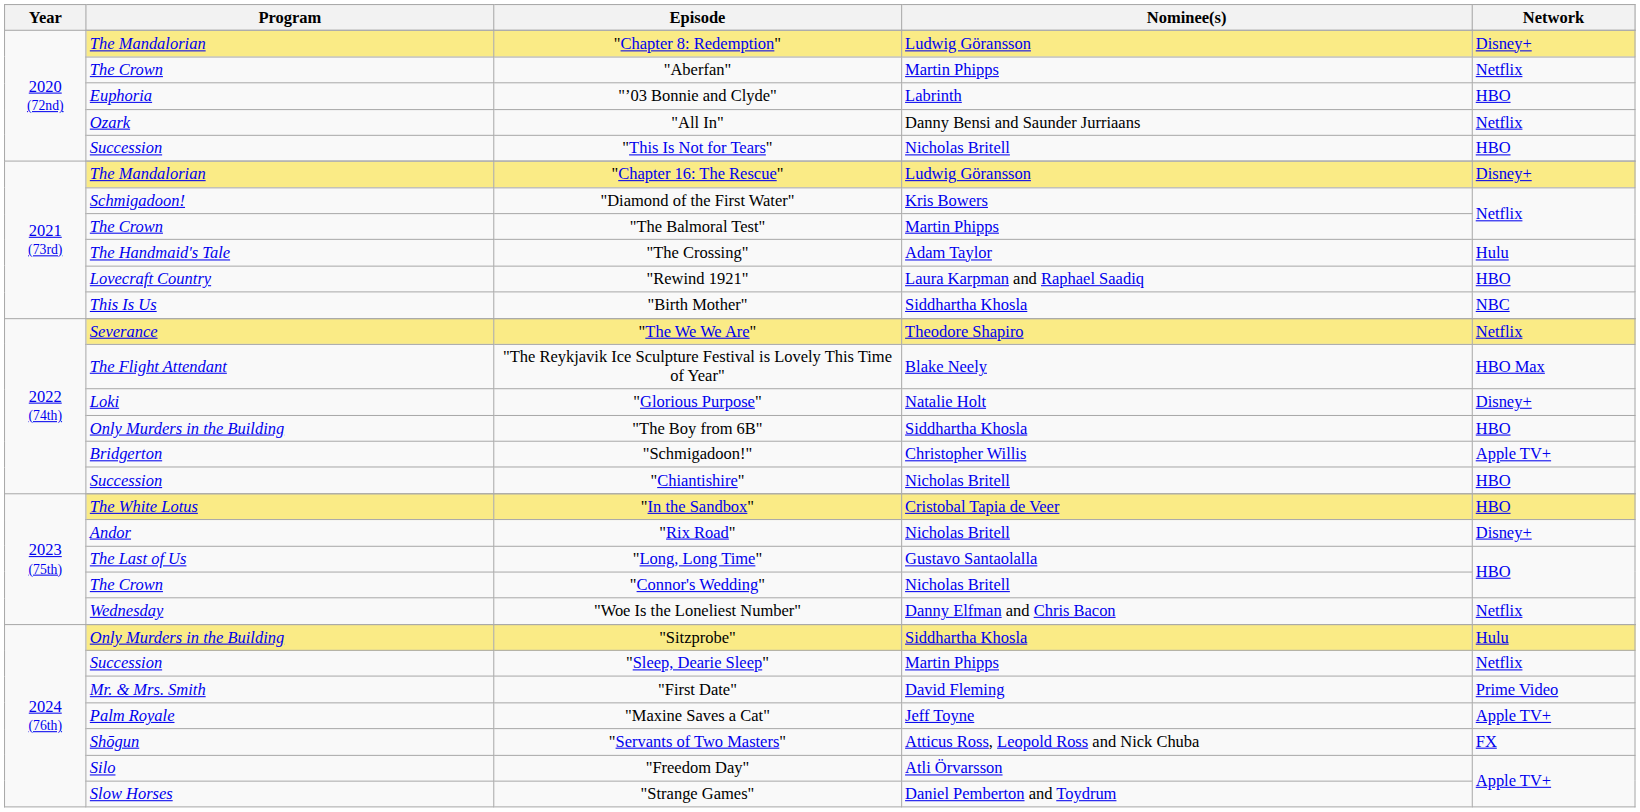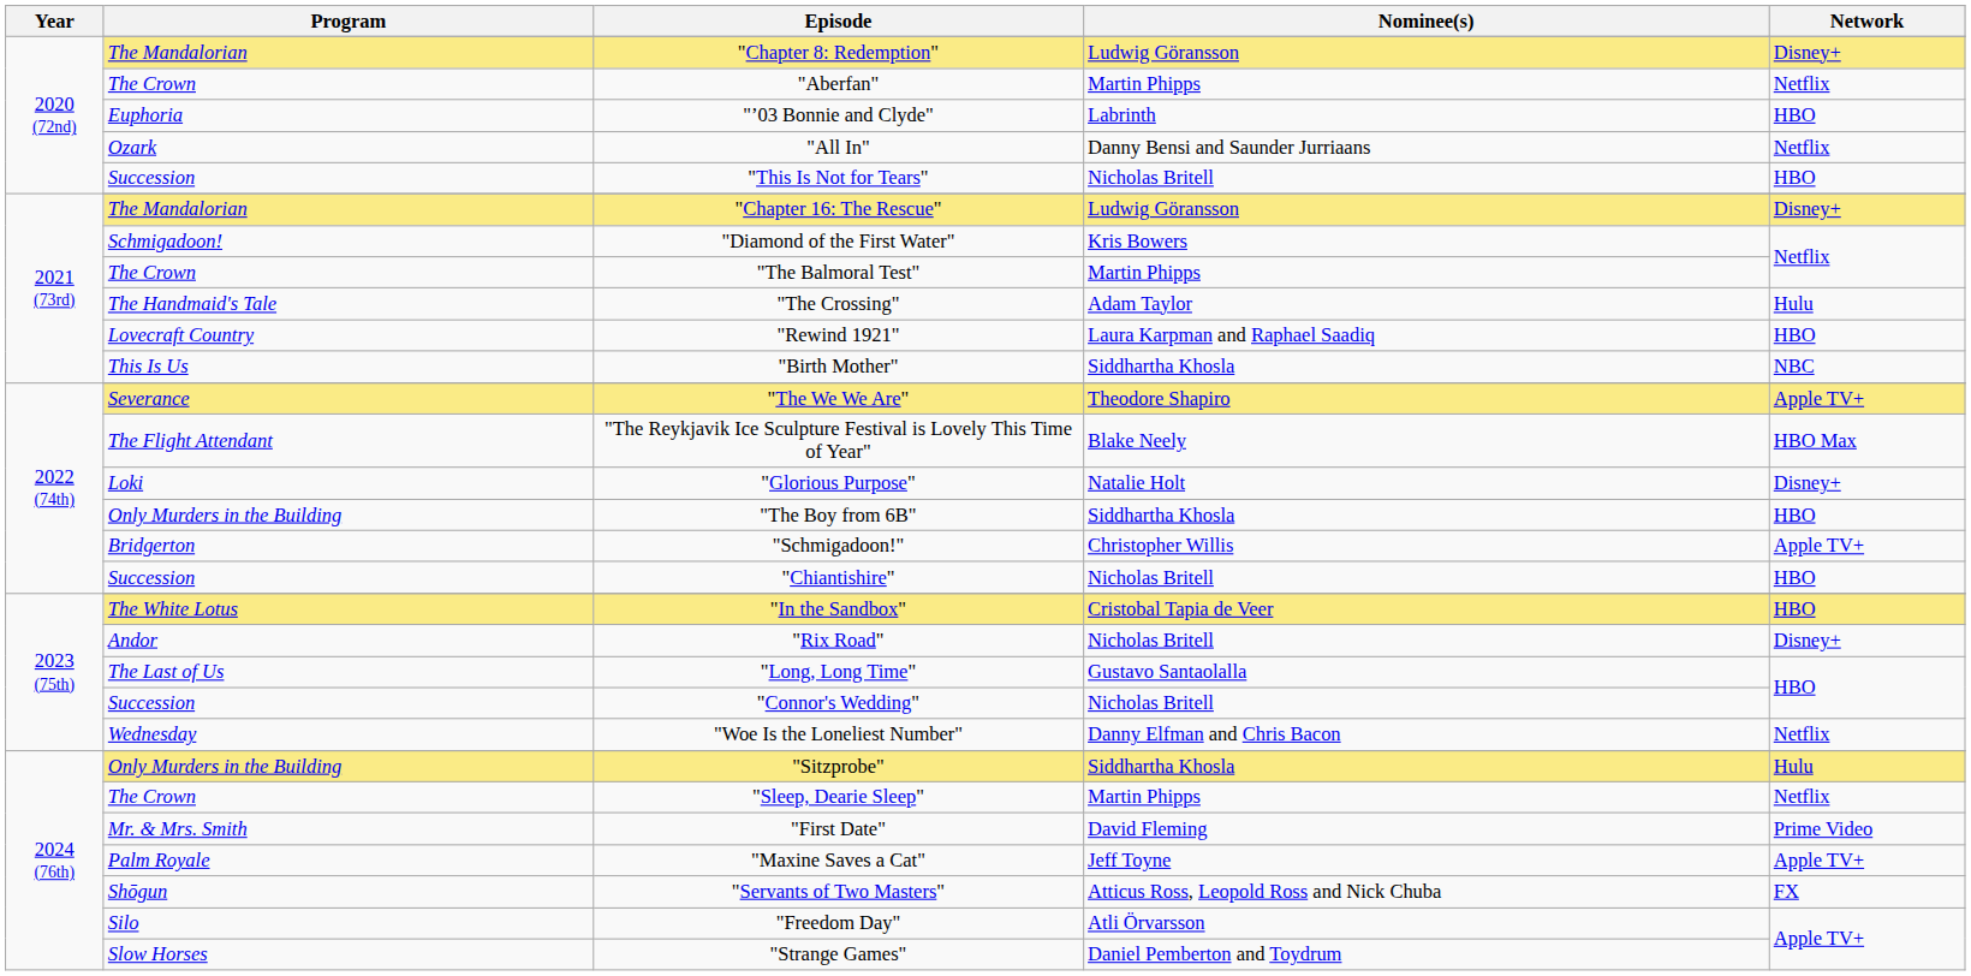 <table class="wikitable" style="width:100%">
 <tr bgcolor="#bebebe">
 <th width="5%">Year</th>
 <th width="25%">Program</th>
 <th width="25%">Episode</th>
 <th width="35%">Nominee(s)</th>
 <th width="10%">Network</th>
 </tr>
 <tr>
 <td rowspan=6 style="text-align:center"><a href='#'>2020</a><br><small><a href='#'>(72nd)</a></small><br></td>
 </tr>
 <tr style="background:#FAEB86">
 <td><em><a href='#'>The Mandalorian</a></em></td>
 <td align=center>"<a href='#'>Chapter 8: Redemption</a>"</td>
 <td><a href='#'>Ludwig Göransson</a></td>
 <td><a href='#'>Disney+</a></td>
 </tr>
 <tr>
 <td><em><a href='#'>The Crown</a></em></td>
 <td align=center>"Aberfan"</td>
 <td><a href='#'>Martin Phipps</a></td>
 <td><a href='#'>Netflix</a></td>
 </tr>
 <tr>
 <td><em><a href='#'>Euphoria</a></em></td>
 <td align=center>"’03 Bonnie and Clyde"</td>
 <td><a href='#'>Labrinth</a></td>
 <td><a href='#'>HBO</a></td>
 </tr>
 <tr>
 <td><em><a href='#'>Ozark</a></em></td>
 <td align=center>"All In"</td>
 <td>Danny Bensi and Saunder Jurriaans</td>
 <td><a href='#'>Netflix</a></td>
 </tr>
 <tr>
 <td><em><a href='#'>Succession</a></em></td>
 <td align=center>"<a href='#'>This Is Not for Tears</a>"</td>
 <td><a href='#'>Nicholas Britell</a></td>
 <td><a href='#'>HBO</a></td>
 </tr>
 <tr>
 <td rowspan="7" style="text-align:center"><a href='#'>2021</a><br><small><a href='#'>(73rd)</a></small><br></td>
 </tr>
 <tr style="background:#FAEB86">
 <td><em><a href='#'>The Mandalorian</a></em></td>
 <td align=center>"<a href='#'>Chapter 16: The Rescue</a>"</td>
 <td><a href='#'>Ludwig Göransson</a></td>
 <td><a href='#'>Disney+</a></td>
 </tr>
 <tr>
 <td><em><a href='#'>Schmigadoon!</a></em></td>
 <td align=center>"Diamond of the First Water"</td>
 <td><a href='#'>Kris Bowers</a></td>
 <td rowspan=2><a href='#'>Netflix</a></td>
 </tr>
 <tr>
 <td><em><a href='#'>The Crown</a></em></td>
 <td align=center>"The Balmoral Test"</td>
 <td><a href='#'>Martin Phipps</a></td>
 </tr>
 <tr>
 <td><em><a href='#'>The Handmaid's Tale</a></em></td>
 <td align=center>"The Crossing"</td>
 <td><a href='#'>Adam Taylor</a></td>
 <td><a href='#'>Hulu</a></td>
 </tr>
 <tr>
 <td><em><a href='#'>Lovecraft Country</a></em></td>
 <td align=center>"Rewind 1921"</td>
 <td><a href='#'>Laura Karpman</a> and <a href='#'>Raphael Saadiq</a></td>
 <td><a href='#'>HBO</a></td>
 </tr>
 <tr>
 <td><em><a href='#'>This Is Us</a></em></td>
 <td align=center>"Birth Mother"</td>
 <td><a href='#'>Siddhartha Khosla</a></td>
 <td><a href='#'>NBC</a></td>
 </tr>
 <tr>
 <td rowspan="7" style="text-align:center"><a href='#'>2022</a><br><small><a href='#'>(74th)</a></small><br></td>
 </tr>
 <tr style="background:#FAEB86">
 <td><em><a href='#'>Severance</a></em></td>
 <td align=center>"<a href='#'>The We We Are</a>"</td>
 <td><a href='#'>Theodore Shapiro</a></td>
-<td><a href='#'>Netflix</a></td>
+<td><a href='#'>Apple TV+</a></td>
 </tr>
 <tr>
 <td><em><a href='#'>The Flight Attendant</a></em></td>
 <td align=center>"The Reykjavik Ice Sculpture Festival is Lovely This Time of Year"</td>
 <td><a href='#'>Blake Neely</a></td>
 <td><a href='#'>HBO Max</a></td>
 </tr>
 <tr>
 <td><em><a href='#'>Loki</a></em></td>
 <td align=center>"<a href='#'>Glorious Purpose</a>"</td>
 <td><a href='#'>Natalie Holt</a></td>
 <td><a href='#'>Disney+</a></td>
 </tr>
 <tr>
 <td><em><a href='#'>Only Murders in the Building</a></em></td>
 <td align=center>"The Boy from 6B"</td>
 <td><a href='#'>Siddhartha Khosla</a></td>
 <td><a href='#'>HBO</a></td>
 </tr>
 <tr>
 <td><em><a href='#'>Bridgerton</a></em></td>
 <td align=center>"Schmigadoon!"</td>
 <td><a href='#'>Christopher Willis</a></td>
 <td><a href='#'>Apple TV+</a></td>
 </tr>
 <tr>
 <td><em><a href='#'>Succession</a></em></td>
 <td align=center>"<a href='#'>Chiantishire</a>"</td>
 <td><a href='#'>Nicholas Britell</a></td>
 <td><a href='#'>HBO</a></td>
 </tr>
 <tr>
 <td rowspan="6" style="text-align:center"><a href='#'>2023</a><br><small><a href='#'>(75th)</a></small><br></td>
 </tr>
 <tr style="background:#FAEB86">
 <td><em><a href='#'>The White Lotus</a></em></td>
 <td align=center>"<a href='#'>In the Sandbox</a>"</td>
 <td><a href='#'>Cristobal Tapia de Veer</a></td>
 <td><a href='#'>HBO</a></td>
 </tr>
 <tr>
 <td><em><a href='#'>Andor</a></em></td>
 <td align=center>"<a href='#'>Rix Road</a>"</td>
 <td><a href='#'>Nicholas Britell</a></td>
 <td><a href='#'>Disney+</a></td>
 </tr>
 <tr>
 <td><em><a href='#'>The Last of Us</a></em></td>
 <td align=center>"<a href='#'>Long, Long Time</a>"</td>
 <td><a href='#'>Gustavo Santaolalla</a></td>
 <td rowspan="2"><a href='#'>HBO</a></td>
 </tr>
 <tr>
-<td><em><a href='#'>The Crown</a></em></td>
+<td><em><a href='#'>Succession</a></em></td>
 <td align=center>"<a href='#'>Connor's Wedding</a>"</td>
 <td><a href='#'>Nicholas Britell</a></td>
 </tr>
 <tr>
 <td><em><a href='#'>Wednesday</a></em></td>
 <td align=center>"Woe Is the Loneliest Number"</td>
 <td><a href='#'>Danny Elfman</a> and <a href='#'>Chris Bacon</a></td>
 <td><a href='#'>Netflix</a></td>
 </tr>
 <tr>
 <td rowspan="8" style="text-align:center"><a href='#'>2024</a><br><small><a href='#'>(76th)</a></small><br></td>
 </tr>
 <tr style="background:#FAEB86">
 <td><em><a href='#'>Only Murders in the Building</a></em></td>
 <td align=center>"Sitzprobe"</td>
 <td><a href='#'>Siddhartha Khosla</a></td>
 <td><a href='#'>Hulu</a></td>
 </tr>
 <tr>
-<td><em><a href='#'>Succession</a></em></td>
+<td><em><a href='#'>The Crown</a></em></td>
 <td align=center>"<a href='#'>Sleep, Dearie Sleep</a>"</td>
 <td><a href='#'>Martin Phipps</a></td>
 <td><a href='#'>Netflix</a></td>
 </tr>
 <tr>
 <td><em><a href='#'>Mr. & Mrs. Smith</a></em></td>
 <td align=center>"First Date"</td>
 <td><a href='#'>David Fleming</a></td>
 <td><a href='#'>Prime Video</a></td>
 </tr>
 <tr>
 <td><em><a href='#'>Palm Royale</a></em></td>
 <td align=center>"Maxine Saves a Cat"</td>
 <td><a href='#'>Jeff Toyne</a></td>
 <td><a href='#'>Apple TV+</a></td>
 </tr>
 <tr>
 <td><em><a href='#'>Shōgun</a></em></td>
 <td align=center>"<a href='#'>Servants of Two Masters</a>"</td>
 <td><a href='#'>Atticus Ross</a>, <a href='#'>Leopold Ross</a> and Nick Chuba</td>
 <td><a href='#'>FX</a></td>
 </tr>
 <tr>
 <td><em><a href='#'>Silo</a></em></td>
 <td align=center>"Freedom Day"</td>
 <td><a href='#'>Atli Örvarsson</a></td>
 <td rowspan="2"><a href='#'>Apple TV+</a></td>
 </tr>
 <tr>
 <td><em><a href='#'>Slow Horses</a></em></td>
 <td align=center>"Strange Games"</td>
 <td><a href='#'>Daniel Pemberton</a> and <a href='#'>Toydrum</a></td>
 </tr>
 </table>
